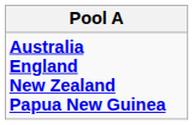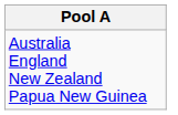 <table class="wikitable">
 <tr>
 <th width="90%">Pool A</th>
 </tr>
 <tr>
-<td><strong> <a href='#'>Australia</a><br> <a href='#'>England</a><br> <a href='#'>New Zealand</a><br> <a href='#'>Papua New Guinea</a></strong></td>
+<td> <a href='#'>Australia</a><br> <a href='#'>England</a><br> <a href='#'>New Zealand</a><br> <a href='#'>Papua New Guinea</a></td>
 </tr>
 </table>
